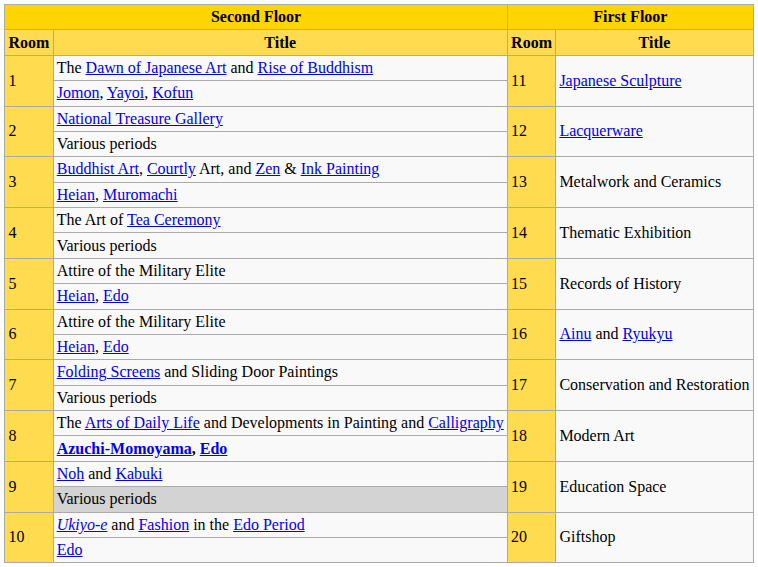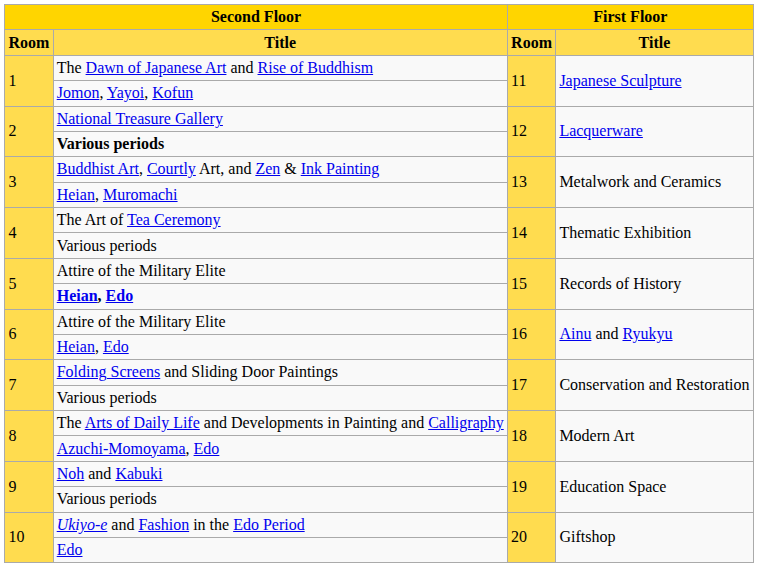 <table class="wikitable" style="margin-left: auto; margin-right: auto; border: none;">
 <tr>
 <th colspan="2" style="background-color: #FFD500; color:black;">Second Floor</th>
 <th colspan="2" style="background-color: #FFD500; color:black;">First Floor</th>
 </tr>
 <tr>
 <th style="background-color: #FFDC4F; color:black;">Room</th>
 <th style="background-color: #FFDC4F; color:black;">Title</th>
 <th style="background-color: #FFDC4F; color:black;">Room</th>
 <th style="background-color: #FFDC4F; color:black;">Title</th>
 </tr>
 <tr>
 <td rowspan="2" style="background-color: #FFDC4F; color:black;">1</td>
 <td>The <a href='#'>Dawn of Japanese Art</a> and <a href='#'>Rise of Buddhism</a></td>
 <td rowspan="2" style="background-color: #FFDC4F; color:black;">11</td>
 <td rowspan="2"><a href='#'>Japanese Sculpture</a></td>
 </tr>
 <tr>
 <td><a href='#'>Jomon</a>, <a href='#'>Yayoi</a>, <a href='#'>Kofun</a></td>
 </tr>
 <tr>
 <td rowspan="2" style="background-color: #FFDC4F; color:black;">2</td>
 <td><a href='#'>National Treasure Gallery</a></td>
 <td rowspan="2" style="background-color: #FFDC4F; color:black;">12</td>
 <td rowspan="2"><a href='#'>Lacquerware</a></td>
 </tr>
 <tr>
-<td>Various periods</td>
+<td><strong>Various periods</strong></td>
 </tr>
 <tr>
 <td rowspan="2" style="background-color: #FFDC4F; color:black;">3</td>
 <td><a href='#'>Buddhist Art</a>, <a href='#'>Courtly</a> Art, and <a href='#'>Zen</a> & <a href='#'>Ink Painting</a></td>
 <td rowspan="2" style="background-color: #FFDC4F; color:black;">13</td>
 <td rowspan="2">Metalwork and Ceramics</td>
 </tr>
 <tr>
 <td><a href='#'>Heian</a>, <a href='#'>Muromachi</a></td>
 </tr>
 <tr>
 <td rowspan="2" style="background-color: #FFDC4F; color:black;">4</td>
 <td>The Art of <a href='#'>Tea Ceremony</a></td>
 <td rowspan="2" style="background-color: #FFDC4F; color:black;">14</td>
 <td rowspan="2">Thematic Exhibition</td>
 </tr>
 <tr>
 <td>Various periods</td>
 </tr>
 <tr>
 <td rowspan="2" style="background-color: #FFDC4F; color:black;">5</td>
 <td>Attire of the Military Elite</td>
 <td rowspan="2" style="background-color: #FFDC4F; color:black;">15</td>
 <td rowspan="2">Records of History</td>
 </tr>
 <tr>
-<td><a href='#'>Heian</a>, <a href='#'>Edo</a></td>
+<td><strong><a href='#'>Heian</a>, <a href='#'>Edo</a></strong></td>
 </tr>
 <tr>
 <td rowspan="2" style="background-color: #FFDC4F; color:black;">6</td>
 <td>Attire of the Military Elite</td>
 <td rowspan="2" style="background-color: #FFDC4F; color:black;">16</td>
 <td rowspan="2"><a href='#'>Ainu</a> and <a href='#'>Ryukyu</a></td>
 </tr>
 <tr>
 <td><a href='#'>Heian</a>, <a href='#'>Edo</a></td>
 </tr>
 <tr>
 <td rowspan="2" style="background-color: #FFDC4F; color:black;">7</td>
 <td><a href='#'>Folding Screens</a> and Sliding Door Paintings</td>
 <td rowspan="2" style="background-color: #FFDC4F; color:black;">17</td>
 <td rowspan="2">Conservation and Restoration</td>
 </tr>
 <tr>
 <td>Various periods</td>
 </tr>
 <tr>
 <td rowspan="2" style="background-color: #FFDC4F; color:black;">8</td>
 <td>The <a href='#'>Arts of Daily Life</a> and Developments in Painting and <a href='#'>Calligraphy</a></td>
 <td rowspan="2" style="background-color: #FFDC4F; color:black;">18</td>
 <td rowspan="2">Modern Art</td>
 </tr>
 <tr>
-<td><strong><a href='#'>Azuchi-Momoyama</a>, <a href='#'>Edo</a></strong></td>
+<td><a href='#'>Azuchi-Momoyama</a>, <a href='#'>Edo</a></td>
 </tr>
 <tr>
 <td rowspan="2" style="background-color: #FFDC4F; color:black;">9</td>
 <td><a href='#'>Noh</a> and <a href='#'>Kabuki</a></td>
 <td rowspan="2" style="background-color: #FFDC4F; color:black;">19</td>
 <td rowspan="2">Education Space</td>
 </tr>
 <tr>
-<td style="background: lightgrey;">Various periods</td>
+<td>Various periods</td>
 </tr>
 <tr>
 <td rowspan="2" style="background-color: #FFDC4F; color:black;">10</td>
 <td><em><a href='#'>Ukiyo-e</a></em> and <a href='#'>Fashion</a> in the <a href='#'>Edo Period</a></td>
 <td rowspan="2" style="background-color: #FFDC4F; color:black;">20</td>
 <td rowspan="2">Giftshop</td>
 </tr>
 <tr>
 <td><a href='#'>Edo</a></td>
 </tr>
 <tr>
 </tr>
 </table>
